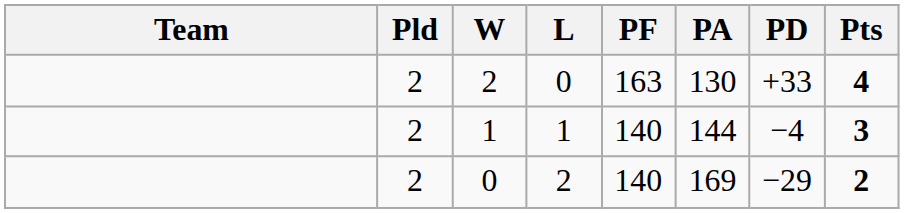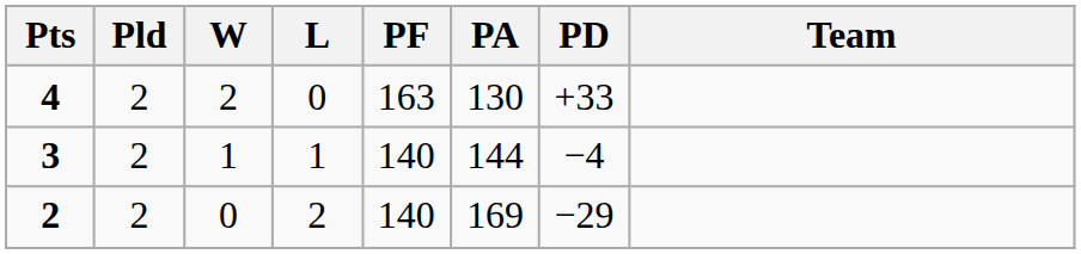 <table class=wikitable style="text-align:center">
 <tr>
-<th width=180>Team</th>
+<th width=30>Pts</th>
 <th width=30>Pld</th>
 <th width=30>W</th>
 <th width=30>L</th>
 <th width=30>PF</th>
 <th width=30>PA</th>
 <th width=30>PD</th>
-<th width=30>Pts</th>
+<th width=180>Team</th>
 </tr>
 <tr align=center>
-<td align=left></td>
+<td><strong>4</strong></td>
 <td>2</td>
 <td>2</td>
 <td>0</td>
 <td>163</td>
 <td>130</td>
 <td>+33</td>
-<td><strong>4</strong></td>
+<td align=left></td>
 </tr>
 <tr align=center>
-<td align=left></td>
+<td><strong>3</strong></td>
 <td>2</td>
 <td>1</td>
 <td>1</td>
 <td>140</td>
 <td>144</td>
 <td>−4</td>
-<td><strong>3</strong></td>
+<td align=left></td>
 </tr>
 <tr align=center>
-<td align=left></td>
+<td><strong>2</strong></td>
 <td>2</td>
 <td>0</td>
 <td>2</td>
 <td>140</td>
 <td>169</td>
 <td>−29</td>
-<td><strong>2</strong></td>
+<td align=left></td>
 </tr>
 </table>
